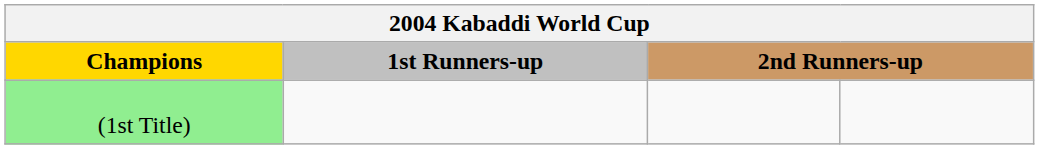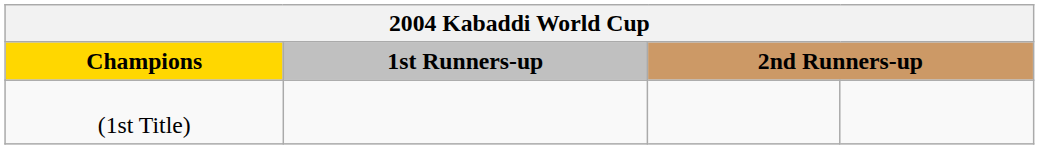 <table class="wikitable" width=55%; style="text-align:center;margin:1em auto;">
 <tr>
 <th colspan=4>2004 Kabaddi World Cup</th>
 </tr>
 <tr>
 <td style="background:gold;"><strong>Champions</strong></td>
 <td style="background:silver;"><strong>1st Runners-up</strong></td>
 <td colspan=4 style="background:#c96;"><strong>2nd Runners-up</strong></td>
 </tr>
 <tr>
-<td style="background: lightgreen;"><br>(1st Title)</td>
+<td><br>(1st Title)</td>
 <td></td>
 <td></td>
 <td></td>
 </tr>
 </table>
